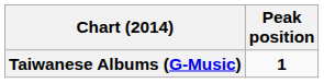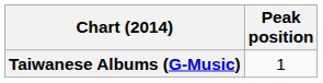 <table class="wikitable plainrowheaders">
 <tr>
 <th>Chart (2014)</th>
 <th>Peak<br>position</th>
 </tr>
 <tr>
 <th scope="row">Taiwanese Albums (<a href='#'>G-Music</a>)</th>
-<td style="text-align:center;"><strong>1</strong></td>
+<td style="text-align:center;">1</td>
 </tr>
 </table>
